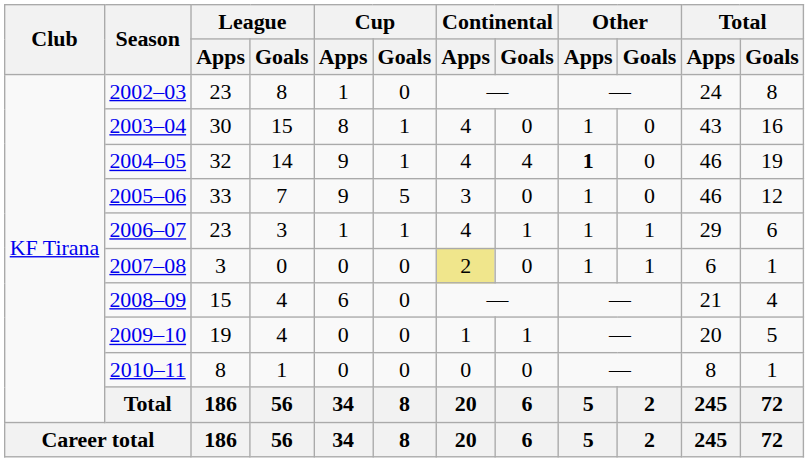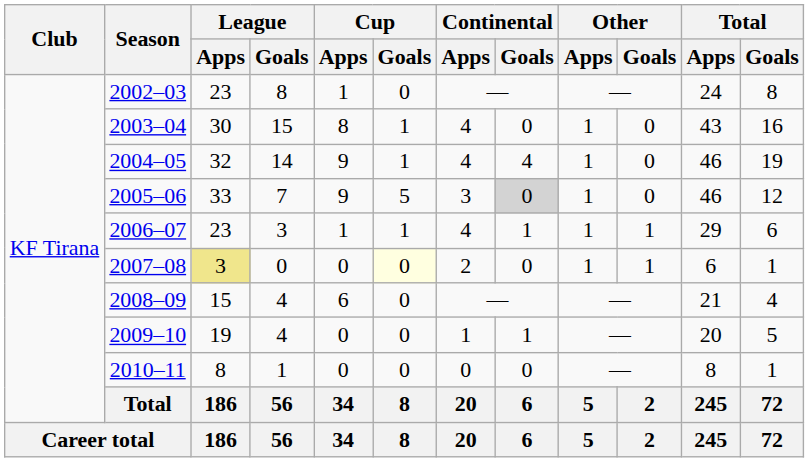 <table class="wikitable" style="text-align:center">
 <tr>
 <th rowspan="2">Club</th>
 <th rowspan="2">Season</th>
 <th colspan="2">League</th>
 <th colspan="2">Cup</th>
 <th colspan="2">Continental</th>
 <th colspan="2">Other</th>
 <th colspan="2">Total</th>
 </tr>
 <tr>
 <th>Apps</th>
 <th>Goals</th>
 <th>Apps</th>
 <th>Goals</th>
 <th>Apps</th>
 <th>Goals</th>
 <th>Apps</th>
 <th>Goals</th>
 <th>Apps</th>
 <th>Goals</th>
 </tr>
 <tr>
 <td rowspan="10"><a href='#'>KF Tirana</a></td>
 <td><a href='#'>2002–03</a></td>
 <td>23</td>
 <td>8</td>
 <td>1</td>
 <td>0</td>
 <td colspan="2">—</td>
 <td colspan="2">—</td>
 <td>24</td>
 <td>8</td>
 </tr>
 <tr>
 <td><a href='#'>2003–04</a></td>
 <td>30</td>
 <td>15</td>
 <td>8</td>
 <td>1</td>
 <td>4</td>
 <td>0</td>
 <td>1</td>
 <td>0</td>
 <td>43</td>
 <td>16</td>
 </tr>
 <tr>
 <td><a href='#'>2004–05</a></td>
 <td>32</td>
 <td>14</td>
 <td>9</td>
 <td>1</td>
 <td>4</td>
 <td>4</td>
-<td><strong>1</strong></td>
+<td>1</td>
 <td>0</td>
 <td>46</td>
 <td>19</td>
 </tr>
 <tr>
 <td><a href='#'>2005–06</a></td>
 <td>33</td>
 <td>7</td>
 <td>9</td>
 <td>5</td>
 <td>3</td>
-<td>0</td>
+<td style="background: lightgrey;">0</td>
 <td>1</td>
 <td>0</td>
 <td>46</td>
 <td>12</td>
 </tr>
 <tr>
 <td><a href='#'>2006–07</a></td>
 <td>23</td>
 <td>3</td>
 <td>1</td>
 <td>1</td>
 <td>4</td>
 <td>1</td>
 <td>1</td>
 <td>1</td>
 <td>29</td>
 <td>6</td>
 </tr>
 <tr>
 <td><a href='#'>2007–08</a></td>
-<td>3</td>
+<td style="background: khaki;">3</td>
 <td>0</td>
 <td>0</td>
-<td>0</td>
-<td style="background: khaki;">2</td>
+<td style="background: lightyellow;">0</td>
+<td>2</td>
 <td>0</td>
 <td>1</td>
 <td>1</td>
 <td>6</td>
 <td>1</td>
 </tr>
 <tr>
 <td><a href='#'>2008–09</a></td>
 <td>15</td>
 <td>4</td>
 <td>6</td>
 <td>0</td>
 <td colspan="2">—</td>
 <td colspan="2">—</td>
 <td>21</td>
 <td>4</td>
 </tr>
 <tr>
 <td><a href='#'>2009–10</a></td>
 <td>19</td>
 <td>4</td>
 <td>0</td>
 <td>0</td>
 <td>1</td>
 <td>1</td>
 <td colspan="2">—</td>
 <td>20</td>
 <td>5</td>
 </tr>
 <tr>
 <td><a href='#'>2010–11</a></td>
 <td>8</td>
 <td>1</td>
 <td>0</td>
 <td>0</td>
 <td>0</td>
 <td>0</td>
 <td colspan="2">—</td>
 <td>8</td>
 <td>1</td>
 </tr>
 <tr>
 <th>Total</th>
 <th>186</th>
 <th>56</th>
 <th>34</th>
 <th>8</th>
 <th>20</th>
 <th>6</th>
 <th>5</th>
 <th>2</th>
 <th>245</th>
 <th>72</th>
 </tr>
 <tr>
 <th colspan="2">Career total</th>
 <th>186</th>
 <th>56</th>
 <th>34</th>
 <th>8</th>
 <th>20</th>
 <th>6</th>
 <th>5</th>
 <th>2</th>
 <th>245</th>
 <th>72</th>
 </tr>
 </table>
